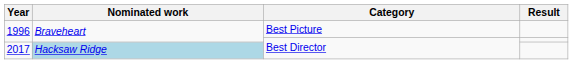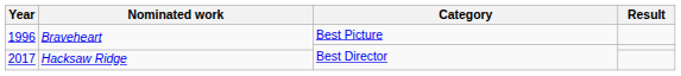 <table class="wikitable">
 <tr>
 <th scope="col" style="width:1em;">Year</th>
 <th scope="col" style="width:35em;">Nominated work</th>
 <th scope="col" style="width:40em;">Category</th>
 <th scope="col" style="width:5em;">Result</th>
 </tr>
 <tr>
 <td rowspan="2"><a href='#'>1996</a></td>
 <td rowspan="2"><em><a href='#'>Braveheart</a></em></td>
 <td><a href='#'>Best Picture</a></td>
 <td></td>
 </tr>
 <tr>
 <td rowspan="2"><a href='#'>Best Director</a></td>
 <td></td>
 </tr>
 <tr>
 <td><a href='#'>2017</a></td>
-<td style="background: lightblue;"><em><a href='#'>Hacksaw Ridge</a></em></td>
+<td><em><a href='#'>Hacksaw Ridge</a></em></td>
 <td></td>
 </tr>
 </table>
